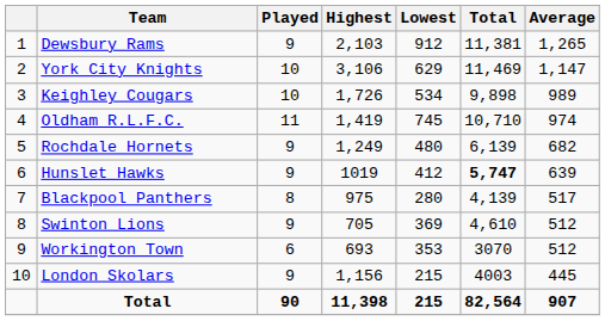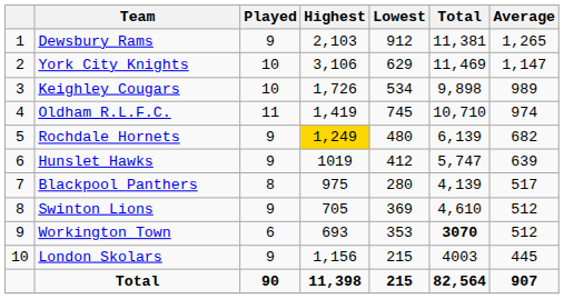 <table class="wikitable" style="text-align:center;">
 <tr>
 <th width=20 abbr="Position"></th>
 <th width=175>Team</th>
 <th width=20>Played</th>
 <th width=20>Highest</th>
 <th width=20>Lowest</th>
 <th width=20>Total</th>
 <th width=20>Average</th>
 </tr>
 <tr>
 <td>1</td>
 <td style="text-align:left;"> <a href='#'>Dewsbury Rams</a></td>
 <td>9</td>
 <td>2,103</td>
 <td>912</td>
 <td>11,381</td>
 <td>1,265</td>
 </tr>
 <tr>
 <td>2</td>
 <td style="text-align:left;"> <a href='#'>York City Knights</a></td>
 <td>10</td>
 <td>3,106</td>
 <td>629</td>
 <td>11,469</td>
 <td>1,147</td>
 </tr>
 <tr>
 <td>3</td>
 <td style="text-align:left;"> <a href='#'>Keighley Cougars</a></td>
 <td>10</td>
 <td>1,726</td>
 <td>534</td>
 <td>9,898</td>
 <td>989</td>
 </tr>
 <tr>
 <td>4</td>
 <td style="text-align:left;"> <a href='#'>Oldham R.L.F.C.</a></td>
 <td>11</td>
 <td>1,419</td>
 <td>745</td>
 <td>10,710</td>
 <td>974</td>
 </tr>
 <tr>
 <td>5</td>
 <td style="text-align:left;"> <a href='#'>Rochdale Hornets</a></td>
 <td>9</td>
-<td>1,249</td>
+<td style="background: gold;">1,249</td>
 <td>480</td>
 <td>6,139</td>
 <td>682</td>
 </tr>
 <tr>
 <td>6</td>
 <td style="text-align:left;"> <a href='#'>Hunslet Hawks</a></td>
 <td>9</td>
 <td>1019</td>
 <td>412</td>
-<td><strong>5,747</strong></td>
+<td>5,747</td>
 <td>639</td>
 </tr>
 <tr>
 <td>7</td>
 <td style="text-align:left;"> <a href='#'>Blackpool Panthers</a></td>
 <td>8</td>
 <td>975</td>
 <td>280</td>
 <td>4,139</td>
 <td>517</td>
 </tr>
 <tr>
 <td>8</td>
 <td style="text-align:left;"> <a href='#'>Swinton Lions</a></td>
 <td>9</td>
 <td>705</td>
 <td>369</td>
 <td>4,610</td>
 <td>512</td>
 </tr>
 <tr>
 <td>9</td>
 <td style="text-align:left;"> <a href='#'>Workington Town</a></td>
 <td>6</td>
 <td>693</td>
 <td>353</td>
-<td>3070</td>
+<td><strong>3070</strong></td>
 <td>512</td>
 </tr>
 <tr>
 <td>10</td>
 <td style="text-align:left;"> <a href='#'>London Skolars</a></td>
 <td>9</td>
 <td>1,156</td>
 <td>215</td>
 <td>4003</td>
 <td>445</td>
 </tr>
 <tr>
 <td></td>
 <td><strong>Total</strong></td>
 <td><strong>90</strong></td>
 <td><strong>11,398</strong></td>
 <td><strong>215</strong></td>
 <td><strong>82,564</strong></td>
 <td><strong>907</strong></td>
 </tr>
 <tr>
 </tr>
 </table>
